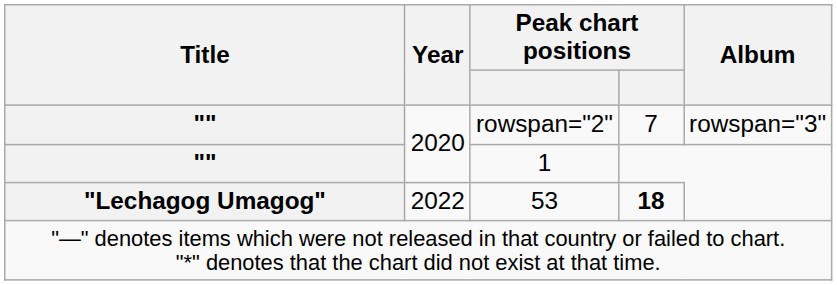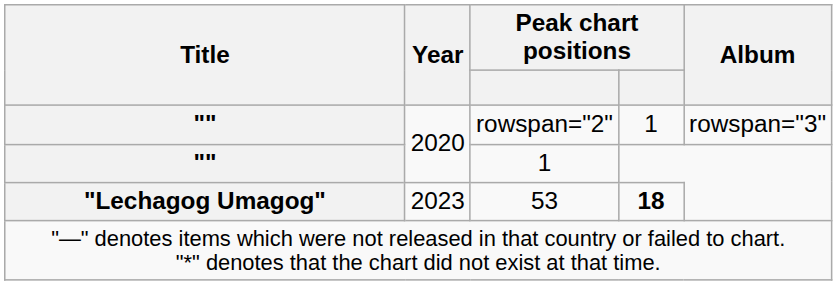 <table class="wikitable plainrowheaders" style="text-align:center;">
 <tr>
 <th scope="col" rowspan="2" style="width:16em;">Title</th>
 <th scope="col" rowspan="2" style="width:1em;">Year</th>
 <th scope="col" colspan="2">Peak chart positions</th>
 <th rowspan="2">Album</th>
 </tr>
 <tr>
 <th scope="col" style="width:2.5em;font-size:90%;"><a href='#'></a><br></th>
 <th scope="col" style="width:2.5em;font-size:90%;"><a href='#'></a><br></th>
 </tr>
 <tr>
 <th scope="row">""</th>
 <td rowspan="2">2020</td>
 <td>rowspan="2" </td>
-<td>7</td>
+<td>1</td>
 <td>rowspan="3" </td>
 </tr>
 <tr>
 <th scope="row">""</th>
 <td>1</td>
 </tr>
 <tr>
 <th scope="row">"Lechagog Umagog"<br></th>
-<td>2022</td>
+<td>2023</td>
 <td>53</td>
 <td><strong>18</strong></td>
 </tr>
 <tr>
 <td colspan="5" style="font-size:90%;">"—" denotes items which were not released in that country or failed to chart.<br>"*" denotes that the chart did not exist at that time.</td>
 </tr>
 </table>
